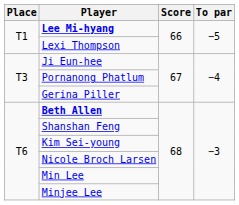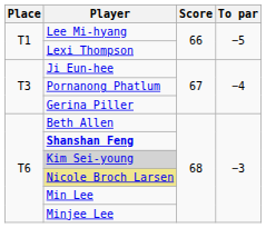 <table class="wikitable">
 <tr>
 <th>Place</th>
 <th>Player</th>
 <th>Score</th>
 <th>To par</th>
 </tr>
 <tr>
 <td rowspan=2 align=center>T1</td>
-<td><strong> <a href='#'>Lee Mi-hyang</a></strong></td>
+<td> <a href='#'>Lee Mi-hyang</a></td>
 <td rowspan=2 align=center>66</td>
 <td rowspan=2 align=center>−5</td>
 </tr>
 <tr>
 <td> <a href='#'>Lexi Thompson</a></td>
 </tr>
 <tr>
 <td rowspan=3 align=center>T3</td>
 <td> <a href='#'>Ji Eun-hee</a></td>
 <td rowspan=3 align=center>67</td>
 <td rowspan=3 align=center>−4</td>
 </tr>
 <tr>
 <td> <a href='#'>Pornanong Phatlum</a></td>
 </tr>
 <tr>
 <td> <a href='#'>Gerina Piller</a></td>
 </tr>
 <tr>
 <td rowspan=6 align=center>T6</td>
-<td><strong> <a href='#'>Beth Allen</a></strong></td>
+<td> <a href='#'>Beth Allen</a></td>
 <td rowspan=6 align=center>68</td>
 <td rowspan=6 align=center>−3</td>
 </tr>
 <tr>
-<td> <a href='#'>Shanshan Feng</a></td>
+<td><strong> <a href='#'>Shanshan Feng</a></strong></td>
 </tr>
 <tr>
-<td> <a href='#'>Kim Sei-young</a></td>
+<td style="background: lightgrey;"> <a href='#'>Kim Sei-young</a></td>
 </tr>
 <tr>
-<td> <a href='#'>Nicole Broch Larsen</a></td>
+<td style="background: khaki;"> <a href='#'>Nicole Broch Larsen</a></td>
 </tr>
 <tr>
 <td> <a href='#'>Min Lee</a></td>
 </tr>
 <tr>
 <td> <a href='#'>Minjee Lee</a></td>
 </tr>
 </table>
